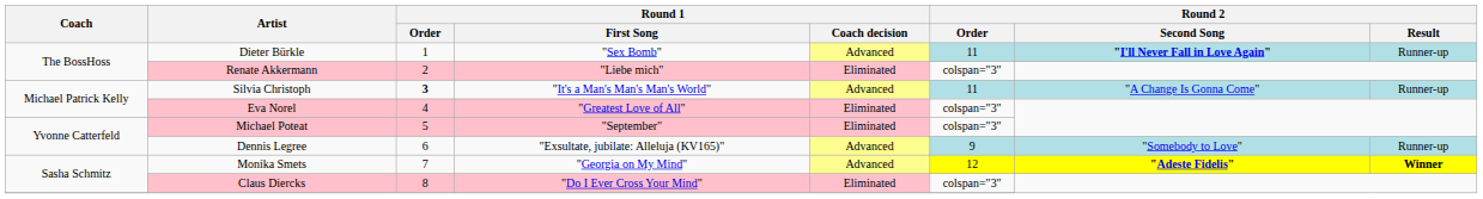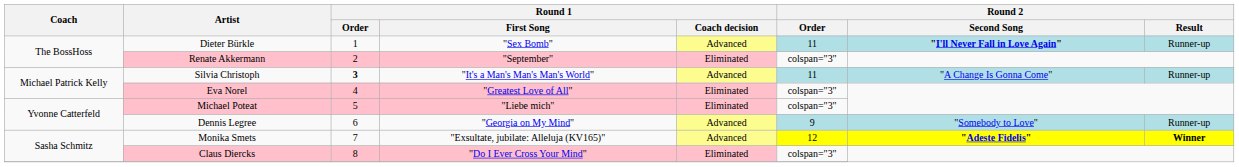 <table class="wikitable" style="text-align:center; width:100%;">
 <tr>
 <th width="4%" rowspan="2">Coach</th>
 <th width="7%" rowspan="2">Artist</th>
 <th width="14%" colspan="3">Round 1</th>
 <th width="14%" colspan="3">Round 2</th>
 </tr>
 <tr>
 <th width="1%">Order</th>
 <th width="10%">First Song</th>
 <th width="3%">Coach decision</th>
 <th width="1%">Order</th>
 <th width="10%">Second Song</th>
 <th width="3%">Result</th>
 </tr>
 <tr>
 <td rowspan=2>The BossHoss</td>
 <td>Dieter Bürkle</td>
 <td>1</td>
 <td>"<a href='#'>Sex Bomb</a>"</td>
 <td style="background:#fdfc8f;">Advanced</td>
 <td bgcolor="#B0E0E6">11</td>
 <td bgcolor="#B0E0E6"><strong>"<a href='#'>I'll Never Fall in Love Again</a>"</strong></td>
 <td bgcolor="#B0E0E6">Runner-up</td>
 </tr>
 <tr>
 <td style="background:pink;">Renate Akkermann</td>
 <td style="background:pink;">2</td>
-<td style="background:pink;">"Liebe mich"</td>
+<td style="background:pink;">"September"</td>
 <td style="background:pink;">Eliminated</td>
 <td>colspan="3" </td>
 </tr>
 <tr>
 <td rowspan=2>Michael Patrick Kelly</td>
 <td>Silvia Christoph</td>
 <td><strong>3</strong></td>
 <td>"<a href='#'>It's a Man's Man's Man's World</a>"</td>
 <td style="background:#fdfc8f;">Advanced</td>
 <td bgcolor="#B0E0E6">11</td>
 <td bgcolor="#B0E0E6">"<a href='#'>A Change Is Gonna Come</a>"</td>
 <td bgcolor="#B0E0E6">Runner-up</td>
 </tr>
 <tr>
 <td style="background:pink;">Eva Norel</td>
 <td style="background:pink;">4</td>
 <td style="background:pink;">"<a href='#'>Greatest Love of All</a>"</td>
 <td style="background:pink;">Eliminated</td>
 <td>colspan="3" </td>
 </tr>
 <tr>
 <td rowspan=2>Yvonne Catterfeld</td>
 <td style="background:pink;">Michael Poteat</td>
 <td style="background:pink;">5</td>
-<td style="background:pink;">"September"</td>
+<td style="background:pink;">"Liebe mich"</td>
 <td style="background:pink;">Eliminated</td>
 <td>colspan="3" </td>
 </tr>
 <tr>
 <td>Dennis Legree</td>
 <td>6</td>
-<td>"Exsultate, jubilate: Alleluja (KV165)"</td>
+<td>"<a href='#'>Georgia on My Mind</a>"</td>
 <td style="background:#fdfc8f;">Advanced</td>
 <td bgcolor="#B0E0E6">9</td>
 <td bgcolor="#B0E0E6">"<a href='#'>Somebody to Love</a>"</td>
 <td bgcolor="#B0E0E6">Runner-up</td>
 </tr>
 <tr>
 <td rowspan=2>Sasha Schmitz</td>
 <td>Monika Smets</td>
 <td>7</td>
-<td>"<a href='#'>Georgia on My Mind</a>"</td>
+<td>"Exsultate, jubilate: Alleluja (KV165)"</td>
 <td style="background:#fdfc8f;">Advanced</td>
 <td bgcolor="yellow">12</td>
 <td bgcolor="yellow"><strong>"<a href='#'>Adeste Fidelis</a>"</strong></td>
 <td bgcolor="yellow"><strong>Winner</strong></td>
 </tr>
 <tr>
 <td style="background:pink;">Claus Diercks</td>
 <td style="background:pink;">8</td>
 <td style="background:pink;">"<a href='#'>Do I Ever Cross Your Mind</a>"</td>
 <td style="background:pink;">Eliminated</td>
 <td>colspan="3" </td>
 </tr>
 <tr>
 </tr>
 </table>
